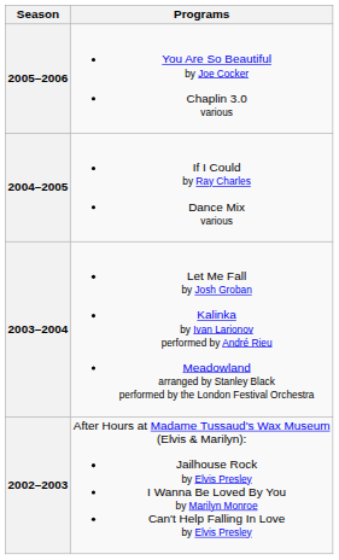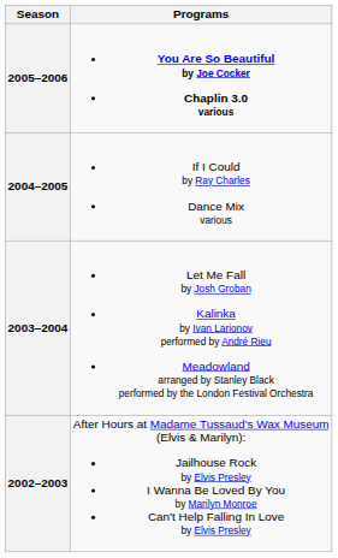 <table class="wikitable" style="text-align:center">
 <tr>
 <th>Season</th>
 <th>Programs</th>
 </tr>
 <tr>
 <th>2005–2006</th>
-<td><br><ul><li><a href='#'>You Are So Beautiful</a> <br><small> by <a href='#'>Joe Cocker</a> </small></li></ul><ul><li>Chaplin 3.0 <br><small> various </small></li></ul></td>
+<td><strong><br><ul><li><a href='#'>You Are So Beautiful</a> <br><small> by <a href='#'>Joe Cocker</a> </small></li></ul><ul><li>Chaplin 3.0 <br><small> various </small></li></ul></strong></td>
 </tr>
 <tr>
 <th>2004–2005</th>
 <td><br><ul><li>If I Could <br><small> by <a href='#'>Ray Charles</a> </small></li></ul><ul><li>Dance Mix <br><small> various </small></li></ul></td>
 </tr>
 <tr>
 <th>2003–2004</th>
 <td><br><ul><li>Let Me Fall <br><small> by <a href='#'>Josh Groban</a> </small></li></ul><ul><li><a href='#'>Kalinka</a> <br><small> by <a href='#'>Ivan Larionov</a> <br> performed by <a href='#'>André Rieu</a> </small></li></ul><ul><li><a href='#'>Meadowland</a> <br><small> arranged by Stanley Black <br> performed by the London Festival Orchestra </small></li></ul></td>
 </tr>
 <tr>
 <th>2002–2003</th>
 <td>After Hours at <a href='#'>Madame Tussaud's Wax Museum</a> <br> (Elvis & Marilyn):<br><ul><li>Jailhouse Rock <br><small> by <a href='#'>Elvis Presley</a> </small></li><li>I Wanna Be Loved By You <br><small> by <a href='#'>Marilyn Monroe</a> </small></li><li>Can't Help Falling In Love <br><small> by <a href='#'>Elvis Presley</a> </small></li></ul></td>
 </tr>
 </table>
